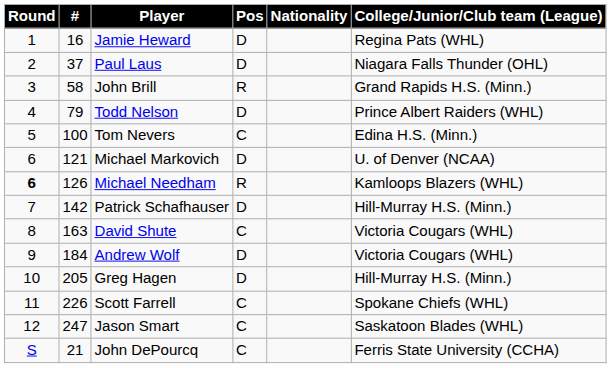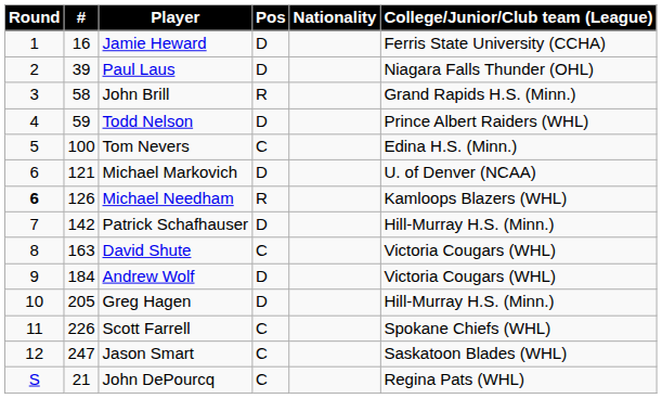 <table class="wikitable">
 <tr>
 <th style="color:white; background:#000000; ">Round</th>
 <th style="color:white; background:#000000; ">#</th>
 <th style="color:white; background:#000000; ">Player</th>
 <th style="color:white; background:#000000; ">Pos</th>
 <th style="color:white; background:#000000; ">Nationality</th>
 <th style="color:white; background:#000000; ">College/Junior/Club team (League)</th>
 </tr>
 <tr>
 <td style="text-align:center">1</td>
 <td style="text-align:center">16</td>
 <td><a href='#'>Jamie Heward</a></td>
 <td>D</td>
 <td></td>
-<td>Regina Pats (WHL)</td>
+<td>Ferris State University (CCHA)</td>
 </tr>
 <tr>
 <td style="text-align:center">2</td>
-<td style="text-align:center">37</td>
+<td style="text-align:center">39</td>
 <td><a href='#'>Paul Laus</a></td>
 <td>D</td>
 <td></td>
 <td>Niagara Falls Thunder (OHL)</td>
 </tr>
 <tr>
 <td style="text-align:center">3</td>
 <td style="text-align:center">58</td>
 <td>John Brill</td>
 <td>R</td>
 <td></td>
 <td>Grand Rapids H.S. (Minn.)</td>
 </tr>
 <tr>
 <td style="text-align:center">4</td>
-<td style="text-align:center">79</td>
+<td style="text-align:center">59</td>
 <td><a href='#'>Todd Nelson</a></td>
 <td>D</td>
 <td></td>
 <td>Prince Albert Raiders (WHL)</td>
 </tr>
 <tr>
 <td style="text-align:center">5</td>
 <td style="text-align:center">100</td>
 <td>Tom Nevers</td>
 <td>C</td>
 <td></td>
 <td>Edina H.S. (Minn.)</td>
 </tr>
 <tr>
 <td style="text-align:center">6</td>
 <td style="text-align:center">121</td>
 <td>Michael Markovich</td>
 <td>D</td>
 <td></td>
 <td>U. of Denver (NCAA)</td>
 </tr>
 <tr>
 <td style="text-align:center"><strong>6</strong></td>
 <td style="text-align:center">126</td>
 <td><a href='#'>Michael Needham</a></td>
 <td>R</td>
 <td></td>
 <td>Kamloops Blazers (WHL)</td>
 </tr>
 <tr>
 <td style="text-align:center">7</td>
 <td style="text-align:center">142</td>
 <td>Patrick Schafhauser</td>
 <td>D</td>
 <td></td>
 <td>Hill-Murray H.S. (Minn.)</td>
 </tr>
 <tr>
 <td style="text-align:center">8</td>
 <td style="text-align:center">163</td>
 <td><a href='#'>David Shute</a></td>
 <td>C</td>
 <td></td>
 <td>Victoria Cougars (WHL)</td>
 </tr>
 <tr>
 <td style="text-align:center">9</td>
 <td style="text-align:center">184</td>
 <td><a href='#'>Andrew Wolf</a></td>
 <td>D</td>
 <td></td>
 <td>Victoria Cougars (WHL)</td>
 </tr>
 <tr>
 <td style="text-align:center">10</td>
 <td style="text-align:center">205</td>
 <td>Greg Hagen</td>
 <td>D</td>
 <td></td>
 <td>Hill-Murray H.S. (Minn.)</td>
 </tr>
 <tr>
 <td style="text-align:center">11</td>
 <td style="text-align:center">226</td>
 <td>Scott Farrell</td>
 <td>C</td>
 <td></td>
 <td>Spokane Chiefs (WHL)</td>
 </tr>
 <tr>
 <td style="text-align:center">12</td>
 <td style="text-align:center">247</td>
 <td>Jason Smart</td>
 <td>C</td>
 <td></td>
 <td>Saskatoon Blades (WHL)</td>
 </tr>
 <tr>
 <td style="text-align:center"><a href='#'>S</a></td>
 <td style="text-align:center">21</td>
 <td>John DePourcq</td>
 <td>C</td>
 <td></td>
-<td>Ferris State University (CCHA)</td>
+<td>Regina Pats (WHL)</td>
 </tr>
 </table>
